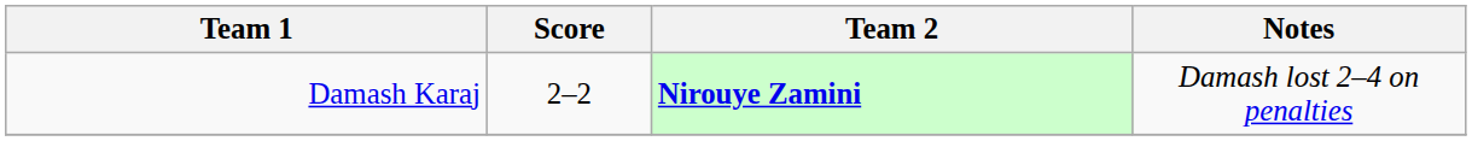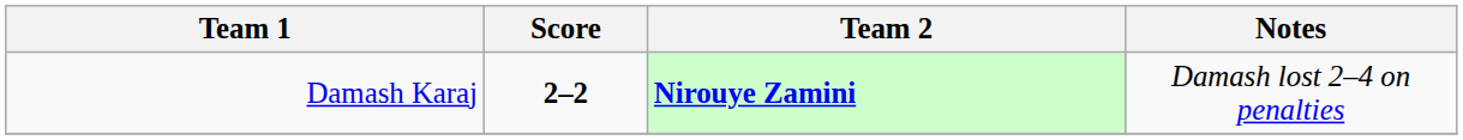 <table class="wikitable" style="text-align:center">
 <tr>
 <th width=250>Team 1</th>
 <th width=80>Score</th>
 <th width=250>Team 2</th>
 <th width=170>Notes</th>
 </tr>
 <tr>
 <td align="right"><a href='#'>Damash Karaj</a></td>
-<td>2–2</td>
+<td><strong>2–2</strong></td>
 <td style="background:#cfc;" align="left"><strong><a href='#'>Nirouye Zamini</a></strong></td>
 <td><em>Damash lost 2–4 on <a href='#'>penalties</a></em></td>
 </tr>
 <tr>
 </tr>
 </table>
